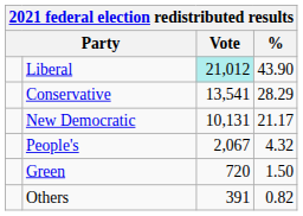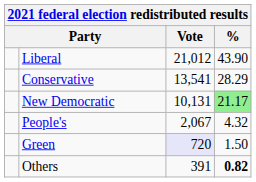 <table class="wikitable">
 <tr>
 <th colspan="4"><a href='#'>2021 federal election</a> redistributed results</th>
 </tr>
 <tr>
 <th bgcolor="#DDDDFF" width="130px" colspan="2">Party</th>
 <th bgcolor="#DDDDFF" width="50px">Vote</th>
 <th bgcolor="#DDDDFF" width="30px">%</th>
 </tr>
 <tr>
 <td> </td>
 <td><a href='#'>Liberal</a></td>
-<td align=right style="background: paleturquoise;">21,012</td>
+<td align=right>21,012</td>
 <td align=right>43.90</td>
 </tr>
 <tr>
 <td> </td>
 <td><a href='#'>Conservative</a></td>
 <td align=right>13,541</td>
 <td align=right>28.29</td>
 </tr>
 <tr>
 <td> </td>
 <td><a href='#'>New Democratic</a></td>
 <td align=right>10,131</td>
-<td align=right>21.17</td>
+<td align=right style="background: lightgreen;">21.17</td>
 </tr>
 <tr>
 <td> </td>
 <td><a href='#'>People's</a></td>
 <td align=right>2,067</td>
 <td align=right>4.32</td>
 </tr>
 <tr>
 <td> </td>
 <td><a href='#'>Green</a></td>
-<td align=right>720</td>
+<td align=right style="background: lavender;">720</td>
 <td align=right>1.50</td>
 </tr>
 <tr>
 <td> </td>
 <td>Others</td>
 <td align=right>391</td>
-<td align=right>0.82</td>
+<td align=right><strong>0.82</strong></td>
 </tr>
 </table>
